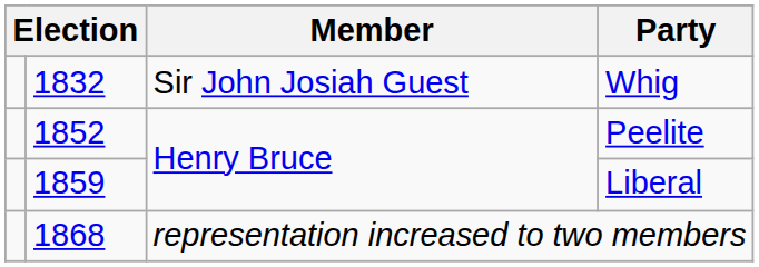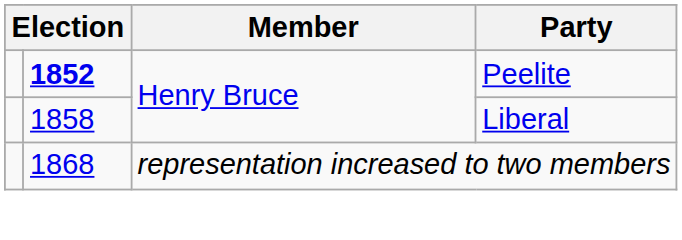 <table class="wikitable">
 <tr>
 <th colspan="2">Election</th>
 <th>Member</th>
 <th>Party</th>
 </tr>
 <tr>
 <td style="color:inherit;background-color: "></td>
-<td><a href='#'>1832</a></td>
-<td>Sir <a href='#'>John Josiah Guest</a></td>
-<td><a href='#'>Whig</a></td>
-</tr>
-<tr>
-<td style="color:inherit;background-color: "></td>
-<td><a href='#'>1852</a></td>
+<td><strong><a href='#'>1852</a></strong></td>
 <td rowspan="2"><a href='#'>Henry Bruce</a></td>
 <td><a href='#'>Peelite</a></td>
 </tr>
 <tr>
 <td style="color:inherit;background-color: "></td>
-<td><a href='#'>1859</a></td>
+<td><a href='#'>1858</a></td>
 <td><a href='#'>Liberal</a></td>
 </tr>
 <tr>
 <td></td>
 <td><a href='#'>1868</a></td>
 <td colspan="2"><em>representation increased to two members</em></td>
 </tr>
 </table>
